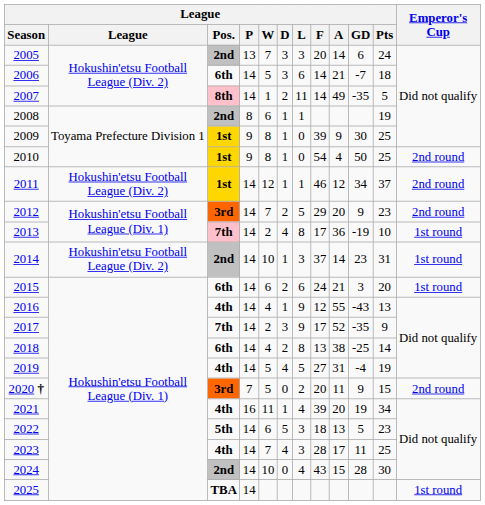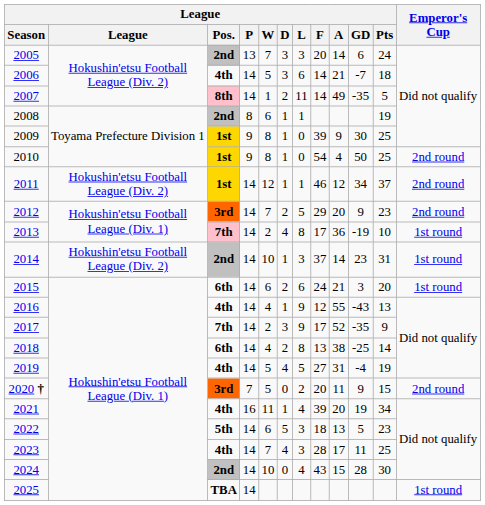 <table class="wikitable" style="text-align:center;">
 <tr>
 <th colspan="11">League</th>
 <th rowspan="2"><a href='#'>Emperor's<br>Cup</a></th>
 </tr>
 <tr>
 <th>Season</th>
 <th>League</th>
 <th>Pos.</th>
 <th>P</th>
 <th>W</th>
 <th>D</th>
 <th>L</th>
 <th>F</th>
 <th>A</th>
 <th>GD</th>
 <th>Pts</th>
 </tr>
 <tr>
 <td><a href='#'>2005</a></td>
 <td rowspan="3"><a href='#'>Hokushin'etsu Football<br> League (Div. 2)</a></td>
 <td bgcolor=silver><strong>2nd</strong></td>
 <td>13</td>
 <td>7</td>
 <td>3</td>
 <td>3</td>
 <td>20</td>
 <td>14</td>
 <td>6</td>
 <td>24</td>
 <td rowspan="5">Did not qualify</td>
 </tr>
 <tr>
 <td><a href='#'>2006</a></td>
-<td><strong>6th</strong></td>
+<td><strong>4th</strong></td>
 <td>14</td>
 <td>5</td>
 <td>3</td>
 <td>6</td>
 <td>14</td>
 <td>21</td>
 <td>-7</td>
 <td>18</td>
 </tr>
 <tr>
 <td><a href='#'>2007</a></td>
 <td bgcolor=pink><strong>8th</strong></td>
 <td>14</td>
 <td>1</td>
 <td>2</td>
 <td>11</td>
 <td>14</td>
 <td>49</td>
 <td>-35</td>
 <td>5</td>
 </tr>
 <tr>
 <td>2008</td>
 <td rowspan="3">Toyama Prefecture Division 1</td>
 <td bgcolor=silver><strong>2nd</strong></td>
 <td>8</td>
 <td>6</td>
 <td>1</td>
 <td>1</td>
 <td></td>
 <td></td>
 <td></td>
 <td>19</td>
 </tr>
 <tr>
 <td>2009</td>
 <td bgcolor=gold><strong>1st</strong></td>
 <td>9</td>
 <td>8</td>
 <td>1</td>
 <td>0</td>
 <td>39</td>
 <td>9</td>
 <td>30</td>
 <td>25</td>
 </tr>
 <tr>
 <td>2010</td>
 <td bgcolor=gold><strong>1st</strong></td>
 <td>9</td>
 <td>8</td>
 <td>1</td>
 <td>0</td>
 <td>54</td>
 <td>4</td>
 <td>50</td>
 <td>25</td>
 <td><a href='#'>2nd round</a></td>
 </tr>
 <tr>
 <td><a href='#'>2011</a></td>
 <td><a href='#'>Hokushin'etsu Football<br> League (Div. 2)</a></td>
 <td bgcolor=gold><strong>1st</strong></td>
 <td>14</td>
 <td>12</td>
 <td>1</td>
 <td>1</td>
 <td>46</td>
 <td>12</td>
 <td>34</td>
 <td>37</td>
 <td><a href='#'>2nd round</a></td>
 </tr>
 <tr>
 <td><a href='#'>2012</a></td>
 <td rowspan="2"><a href='#'>Hokushin'etsu Football<br> League (Div. 1)</a></td>
 <td bgcolor=ff6600><strong>3rd</strong></td>
 <td>14</td>
 <td>7</td>
 <td>2</td>
 <td>5</td>
 <td>29</td>
 <td>20</td>
 <td>9</td>
 <td>23</td>
 <td><a href='#'>2nd round</a></td>
 </tr>
 <tr>
 <td><a href='#'>2013</a></td>
 <td bgcolor=pink><strong>7th</strong></td>
 <td>14</td>
 <td>2</td>
 <td>4</td>
 <td>8</td>
 <td>17</td>
 <td>36</td>
 <td>-19</td>
 <td>10</td>
 <td><a href='#'>1st round</a></td>
 </tr>
 <tr>
 <td><a href='#'>2014</a></td>
 <td><a href='#'>Hokushin'etsu Football<br> League (Div. 2)</a></td>
 <td bgcolor=silver><strong>2nd</strong></td>
 <td>14</td>
 <td>10</td>
 <td>1</td>
 <td>3</td>
 <td>37</td>
 <td>14</td>
 <td>23</td>
 <td>31</td>
 <td><a href='#'>1st round</a></td>
 </tr>
 <tr>
 <td><a href='#'>2015</a></td>
 <td rowspan="11"><a href='#'>Hokushin'etsu Football<br> League (Div. 1)</a></td>
 <td><strong>6th</strong></td>
 <td>14</td>
 <td>6</td>
 <td>2</td>
 <td>6</td>
 <td>24</td>
 <td>21</td>
 <td>3</td>
 <td>20</td>
 <td><a href='#'>1st round</a></td>
 </tr>
 <tr>
 <td><a href='#'>2016</a></td>
 <td><strong>4th</strong></td>
 <td>14</td>
 <td>4</td>
 <td>1</td>
 <td>9</td>
 <td>12</td>
 <td>55</td>
 <td>-43</td>
 <td>13</td>
 <td rowspan="4">Did not qualify</td>
 </tr>
 <tr>
 <td><a href='#'>2017</a></td>
 <td><strong>7th</strong></td>
 <td>14</td>
 <td>2</td>
 <td>3</td>
 <td>9</td>
 <td>17</td>
 <td>52</td>
 <td>-35</td>
 <td>9</td>
 </tr>
 <tr>
 <td><a href='#'>2018</a></td>
 <td><strong>6th</strong></td>
 <td>14</td>
 <td>4</td>
 <td>2</td>
 <td>8</td>
 <td>13</td>
 <td>38</td>
 <td>-25</td>
 <td>14</td>
 </tr>
 <tr>
 <td><a href='#'>2019</a></td>
 <td><strong>4th</strong></td>
 <td>14</td>
 <td>5</td>
 <td>4</td>
 <td>5</td>
 <td>27</td>
 <td>31</td>
 <td>-4</td>
 <td>19</td>
 </tr>
 <tr>
 <td><a href='#'>2020</a> <strong>†</strong></td>
 <td bgcolor=ff6600><strong>3rd</strong></td>
 <td>7</td>
 <td>5</td>
 <td>0</td>
 <td>2</td>
 <td>20</td>
 <td>11</td>
 <td>9</td>
 <td>15</td>
 <td><a href='#'>2nd round</a></td>
 </tr>
 <tr>
 <td><a href='#'>2021</a></td>
 <td><strong>4th</strong></td>
 <td>16</td>
 <td>11</td>
 <td>1</td>
 <td>4</td>
 <td>39</td>
 <td>20</td>
 <td>19</td>
 <td>34</td>
 <td rowspan="4">Did not qualify</td>
 </tr>
 <tr>
 <td><a href='#'>2022</a></td>
 <td><strong>5th</strong></td>
 <td>14</td>
 <td>6</td>
 <td>5</td>
 <td>3</td>
 <td>18</td>
 <td>13</td>
 <td>5</td>
 <td>23</td>
 </tr>
 <tr>
 <td><a href='#'>2023</a></td>
 <td><strong>4th</strong></td>
 <td>14</td>
 <td>7</td>
 <td>4</td>
 <td>3</td>
 <td>28</td>
 <td>17</td>
 <td>11</td>
 <td>25</td>
 </tr>
 <tr>
 <td><a href='#'>2024</a></td>
 <td bgcolor=silver><strong>2nd</strong></td>
 <td>14</td>
 <td>10</td>
 <td>0</td>
 <td>4</td>
 <td>43</td>
 <td>15</td>
 <td>28</td>
 <td>30</td>
 </tr>
 <tr>
 <td><a href='#'>2025</a></td>
 <td><strong>TBA</strong></td>
 <td>14</td>
 <td></td>
 <td></td>
 <td></td>
 <td></td>
 <td></td>
 <td></td>
 <td></td>
 <td><a href='#'>1st round</a></td>
 </tr>
 </table>
